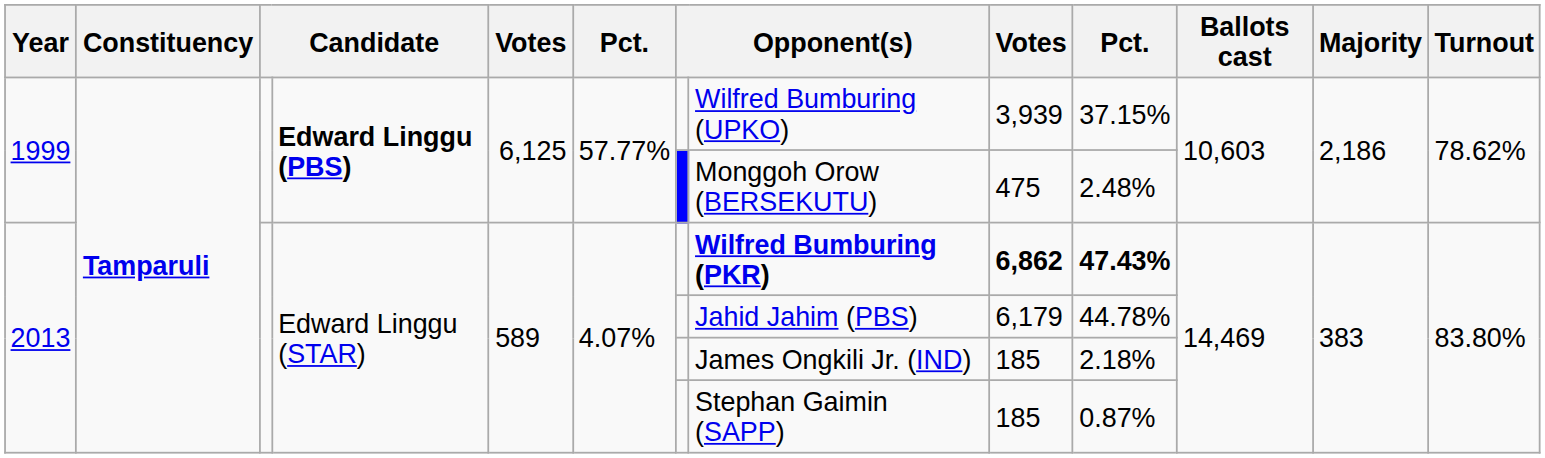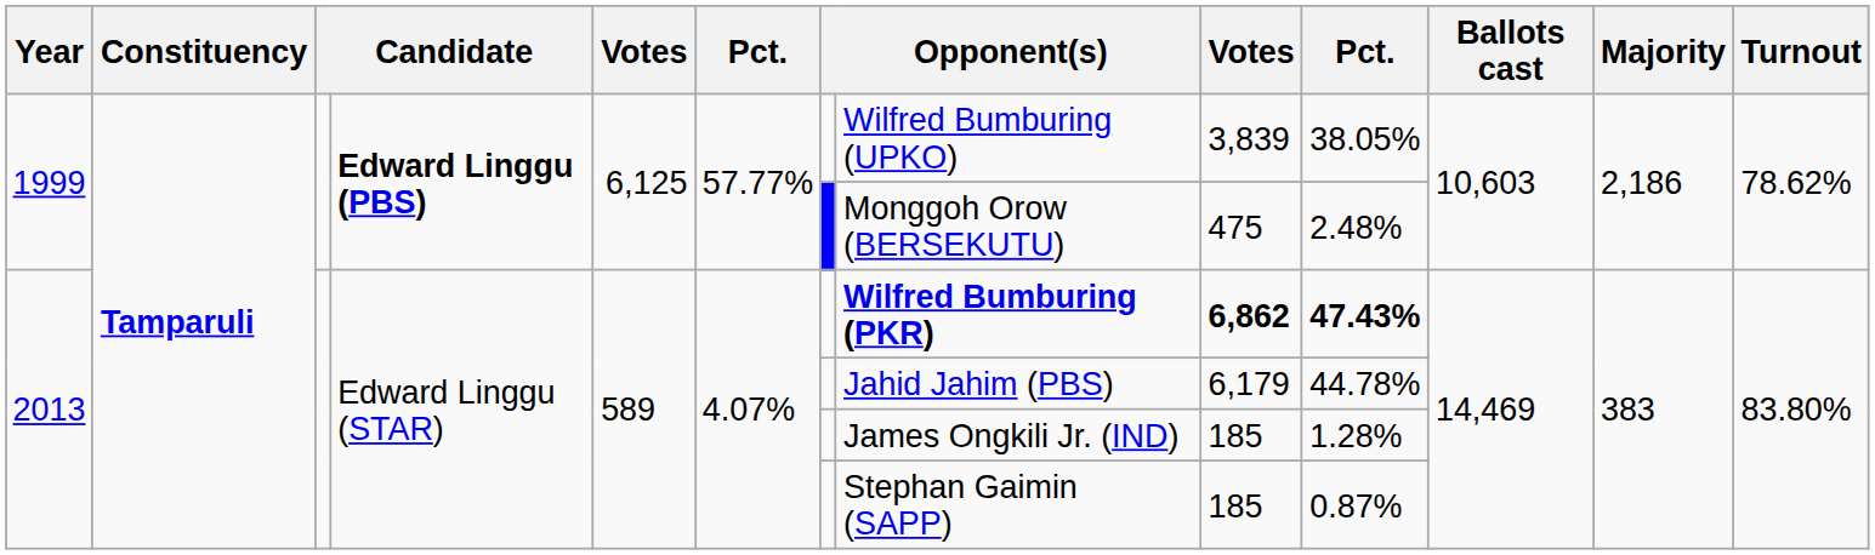 <table class="wikitable" style="margin:0.5em ; font-size:95%">
 <tr>
 <th>Year</th>
 <th>Constituency</th>
 <th colspan="2">Candidate</th>
 <th>Votes</th>
 <th>Pct.</th>
 <th colspan="2">Opponent(s)</th>
 <th>Votes</th>
 <th>Pct.</th>
 <th>Ballots cast</th>
 <th>Majority</th>
 <th>Turnout</th>
 </tr>
 <tr>
 <td rowspan="2"><a href='#'>1999</a></td>
 <td rowspan="6"><a href='#'><strong>Tamparuli</strong></a></td>
 <td rowspan="2" bgcolor= ></td>
 <td rowspan="2"><strong>Edward Linggu (<a href='#'>PBS</a>)</strong></td>
 <td rowspan="2" align=right>6,125</td>
 <td rowspan="2">57.77%</td>
 <td></td>
 <td><a href='#'>Wilfred Bumburing</a> (<a href='#'>UPKO</a>)</td>
-<td>3,939</td>
-<td>37.15%</td>
+<td>3,839</td>
+<td>38.05%</td>
 <td rowspan="2">10,603</td>
 <td rowspan="2">2,186</td>
 <td rowspan="2">78.62%</td>
 </tr>
 <tr>
 <td bgcolor= blue></td>
 <td>Monggoh Orow (<a href='#'>BERSEKUTU</a>)</td>
 <td>475</td>
 <td>2.48%</td>
 </tr>
 <tr>
 <td rowspan="4"><a href='#'>2013</a></td>
 <td rowspan="4"  bgcolor = ></td>
 <td rowspan="4">Edward Linggu (<a href='#'>STAR</a>)</td>
 <td rowspan="4">589</td>
 <td rowspan="4">4.07%</td>
 <td></td>
 <td><strong><a href='#'>Wilfred Bumburing</a> (<a href='#'>PKR</a>)</strong></td>
 <td><strong>6,862</strong></td>
 <td><strong>47.43%</strong></td>
 <td rowspan="4">14,469</td>
 <td rowspan="4">383</td>
 <td rowspan="4">83.80%</td>
 </tr>
 <tr>
 <td bgcolor= ></td>
 <td><a href='#'>Jahid Jahim</a> (<a href='#'>PBS</a>)</td>
 <td>6,179</td>
 <td>44.78%</td>
 </tr>
 <tr>
 <td bgcolor = ></td>
 <td>James Ongkili Jr. (<a href='#'>IND</a>)</td>
 <td>185</td>
-<td>2.18%</td>
+<td>1.28%</td>
 </tr>
 <tr>
 <td></td>
 <td>Stephan Gaimin (<a href='#'>SAPP</a>)</td>
 <td>185</td>
 <td>0.87%</td>
 </tr>
 </table>
